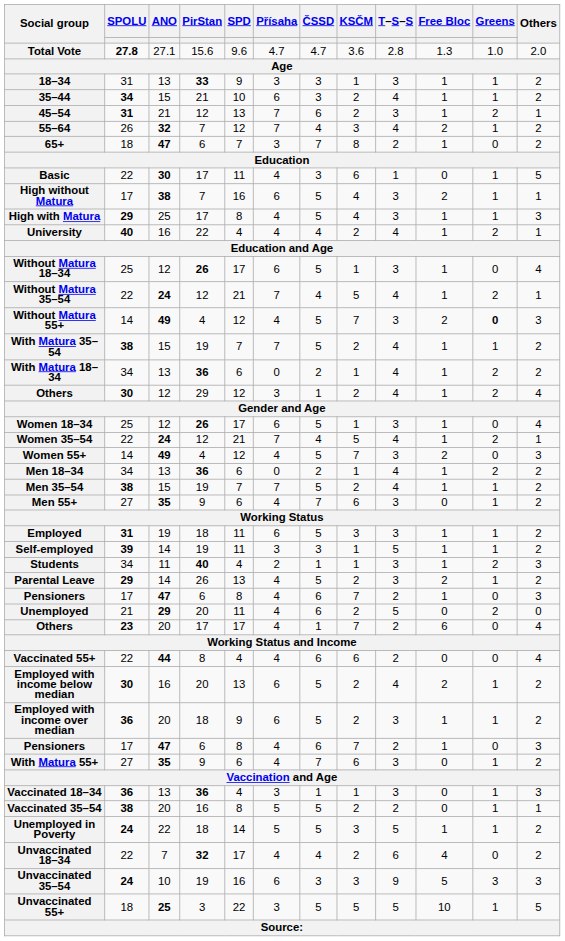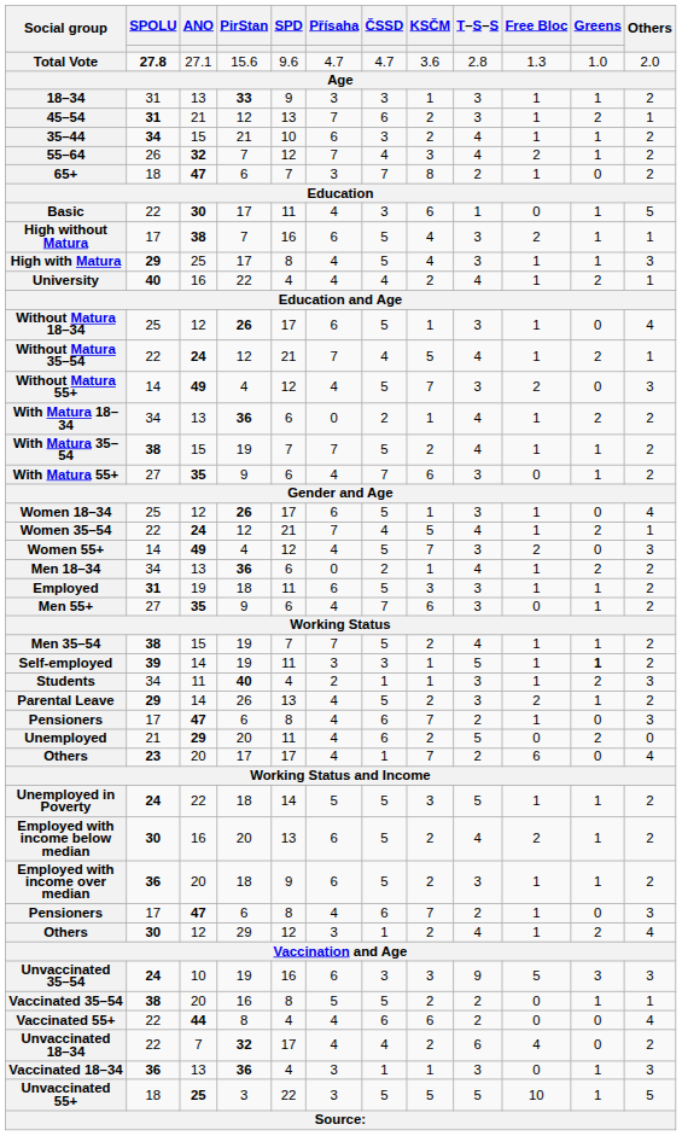 <table class="wikitable sortable" style="text-align:center; font-size:90%; line-height:13px;">
 <tr style="height:42px;">
 <th style="width:120px;" rowspan="2">Social group</th>
 <th><a href='#'><span>SPOLU</span></a></th>
 <th><a href='#'><span>ANO</span></a></th>
 <th><a href='#'><span>PirStan</span></a></th>
 <th><a href='#'><span>SPD</span></a></th>
 <th><a href='#'><span>Přísaha</span></a></th>
 <th><a href='#'><span>ČSSD</span></a></th>
 <th><a href='#'><span>KSČM</span></a></th>
 <th><a href='#'>T</a>–<a href='#'>S</a>–<a href='#'>S</a></th>
 <th><a href='#'>Free Bloc</a></th>
 <th><a href='#'>Greens</a></th>
 <th style="width:20px;" rowspan="2">Others</th>
 </tr>
 <tr class="sorttop">
 <th class="unsortable" style="color:inherit;background:"></th>
 <th class="unsortable" style="color:inherit;background:"></th>
 <th class="unsortable" style="color:inherit;background:"></th>
 <th class="unsortable" style="color:inherit;background:"></th>
 <th class="unsortable" style="color:inherit;background:"></th>
 <th class="unsortable" style="color:inherit;background:"></th>
 <th class="unsortable" style="color:inherit;background:"></th>
 <th class="unsortable" style="color:inherit;background:"></th>
 <th class="unsortable" style="color:inherit;background:"></th>
 <th class="unsortable" style="color:inherit;background:"></th>
 </tr>
 <tr>
 <th>Total Vote</th>
 <td><strong>27.8</strong></td>
 <td>27.1</td>
 <td>15.6</td>
 <td>9.6</td>
 <td>4.7</td>
 <td>4.7</td>
 <td>3.6</td>
 <td>2.8</td>
 <td>1.3</td>
 <td>1.0</td>
 <td>2.0</td>
 </tr>
 <tr>
 <th colspan=12>Age</th>
 </tr>
 <tr>
 <th>18–34</th>
 <td>31</td>
 <td>13</td>
 <td><strong>33</strong></td>
 <td>9</td>
 <td>3</td>
 <td>3</td>
 <td>1</td>
 <td>3</td>
 <td>1</td>
 <td>1</td>
 <td>2</td>
 </tr>
 <tr>
+<th>45–54</th>
+<td><strong>31</strong></td>
+<td>21</td>
+<td>12</td>
+<td>13</td>
+<td>7</td>
+<td>6</td>
+<td>2</td>
+<td>3</td>
+<td>1</td>
+<td>2</td>
+<td>1</td>
+</tr>
+<tr>
 <th>35–44</th>
 <td><strong>34</strong></td>
 <td>15</td>
 <td>21</td>
 <td>10</td>
 <td>6</td>
 <td>3</td>
 <td>2</td>
 <td>4</td>
 <td>1</td>
 <td>1</td>
 <td>2</td>
-</tr>
-<tr>
-<th>45–54</th>
-<td><strong>31</strong></td>
-<td>21</td>
-<td>12</td>
-<td>13</td>
-<td>7</td>
-<td>6</td>
-<td>2</td>
-<td>3</td>
-<td>1</td>
-<td>2</td>
-<td>1</td>
 </tr>
 <tr>
 <th>55–64</th>
 <td>26</td>
 <td><strong>32</strong></td>
 <td>7</td>
 <td>12</td>
 <td>7</td>
 <td>4</td>
 <td>3</td>
 <td>4</td>
 <td>2</td>
 <td>1</td>
 <td>2</td>
 </tr>
 <tr>
 <th>65+</th>
 <td>18</td>
 <td><strong>47</strong></td>
 <td>6</td>
 <td>7</td>
 <td>3</td>
 <td>7</td>
 <td>8</td>
 <td>2</td>
 <td>1</td>
 <td>0</td>
 <td>2</td>
 </tr>
 <tr>
 <th colspan=12>Education</th>
 </tr>
 <tr>
 <th>Basic</th>
 <td>22</td>
 <td><strong>30</strong></td>
 <td>17</td>
 <td>11</td>
 <td>4</td>
 <td>3</td>
 <td>6</td>
 <td>1</td>
 <td>0</td>
 <td>1</td>
 <td>5</td>
 </tr>
 <tr>
 <th>High without <a href='#'>Matura</a></th>
 <td>17</td>
 <td><strong>38</strong></td>
 <td>7</td>
 <td>16</td>
 <td>6</td>
 <td>5</td>
 <td>4</td>
 <td>3</td>
 <td>2</td>
 <td>1</td>
 <td>1</td>
 </tr>
 <tr>
 <th>High with <a href='#'>Matura</a></th>
 <td><strong>29</strong></td>
 <td>25</td>
 <td>17</td>
 <td>8</td>
 <td>4</td>
 <td>5</td>
 <td>4</td>
 <td>3</td>
 <td>1</td>
 <td>1</td>
 <td>3</td>
 </tr>
 <tr>
 <th>University</th>
 <td><strong>40</strong></td>
 <td>16</td>
 <td>22</td>
 <td>4</td>
 <td>4</td>
 <td>4</td>
 <td>2</td>
 <td>4</td>
 <td>1</td>
 <td>2</td>
 <td>1</td>
 </tr>
 <tr>
 <th colspan=12>Education and Age</th>
 </tr>
 <tr>
 <th>Without <a href='#'>Matura</a> 18–34</th>
 <td>25</td>
 <td>12</td>
 <td><strong>26</strong></td>
 <td>17</td>
 <td>6</td>
 <td>5</td>
 <td>1</td>
 <td>3</td>
 <td>1</td>
 <td>0</td>
 <td>4</td>
 </tr>
 <tr>
 <th>Without <a href='#'>Matura</a> 35–54</th>
 <td>22</td>
 <td><strong>24</strong></td>
 <td>12</td>
 <td>21</td>
 <td>7</td>
 <td>4</td>
 <td>5</td>
 <td>4</td>
 <td>1</td>
 <td>2</td>
 <td>1</td>
 </tr>
 <tr>
 <th>Without <a href='#'>Matura</a> 55+</th>
 <td>14</td>
 <td><strong>49</strong></td>
 <td>4</td>
 <td>12</td>
 <td>4</td>
 <td>5</td>
 <td>7</td>
 <td>3</td>
 <td>2</td>
-<td><strong>0</strong></td>
+<td>0</td>
 <td>3</td>
+</tr>
+<tr>
+<th>With <a href='#'>Matura</a> 18–34</th>
+<td>34</td>
+<td>13</td>
+<td><strong>36</strong></td>
+<td>6</td>
+<td>0</td>
+<td>2</td>
+<td>1</td>
+<td>4</td>
+<td>1</td>
+<td>2</td>
+<td>2</td>
 </tr>
 <tr>
 <th>With <a href='#'>Matura</a> 35–54</th>
 <td><strong>38</strong></td>
 <td>15</td>
 <td>19</td>
 <td>7</td>
 <td>7</td>
 <td>5</td>
 <td>2</td>
 <td>4</td>
 <td>1</td>
 <td>1</td>
 <td>2</td>
 </tr>
 <tr>
-<th>With <a href='#'>Matura</a> 18–34</th>
-<td>34</td>
-<td>13</td>
-<td><strong>36</strong></td>
+<th>With <a href='#'>Matura</a> 55+</th>
+<td>27</td>
+<td><strong>35</strong></td>
+<td>9</td>
 <td>6</td>
+<td>4</td>
+<td>7</td>
+<td>6</td>
+<td>3</td>
 <td>0</td>
-<td>2</td>
-<td>1</td>
-<td>4</td>
 <td>1</td>
 <td>2</td>
-<td>2</td>
-</tr>
-<tr>
-<th>Others</th>
-<td><strong>30</strong></td>
-<td>12</td>
-<td>29</td>
-<td>12</td>
-<td>3</td>
-<td>1</td>
-<td>2</td>
-<td>4</td>
-<td>1</td>
-<td>2</td>
-<td>4</td>
 </tr>
 <tr>
 <th colspan=12>Gender and Age</th>
 </tr>
 <tr>
 <th>Women 18–34</th>
 <td>25</td>
 <td>12</td>
 <td><strong>26</strong></td>
 <td>17</td>
 <td>6</td>
 <td>5</td>
 <td>1</td>
 <td>3</td>
 <td>1</td>
 <td>0</td>
 <td>4</td>
 </tr>
 <tr>
 <th>Women 35–54</th>
 <td>22</td>
 <td><strong>24</strong></td>
 <td>12</td>
 <td>21</td>
 <td>7</td>
 <td>4</td>
 <td>5</td>
 <td>4</td>
 <td>1</td>
 <td>2</td>
 <td>1</td>
 </tr>
 <tr>
 <th>Women 55+</th>
 <td>14</td>
 <td><strong>49</strong></td>
 <td>4</td>
 <td>12</td>
 <td>4</td>
 <td>5</td>
 <td>7</td>
 <td>3</td>
 <td>2</td>
 <td>0</td>
 <td>3</td>
 </tr>
 <tr>
 <th>Men 18–34</th>
 <td>34</td>
 <td>13</td>
 <td><strong>36</strong></td>
 <td>6</td>
 <td>0</td>
 <td>2</td>
 <td>1</td>
 <td>4</td>
 <td>1</td>
 <td>2</td>
 <td>2</td>
 </tr>
 <tr>
-<th>Men 35–54</th>
-<td><strong>38</strong></td>
-<td>15</td>
+<th>Employed</th>
+<td><strong>31</strong></td>
 <td>19</td>
-<td>7</td>
-<td>7</td>
+<td>18</td>
+<td>11</td>
+<td>6</td>
 <td>5</td>
-<td>2</td>
-<td>4</td>
+<td>3</td>
+<td>3</td>
 <td>1</td>
 <td>1</td>
 <td>2</td>
 </tr>
 <tr>
 <th>Men 55+</th>
 <td>27</td>
 <td><strong>35</strong></td>
 <td>9</td>
 <td>6</td>
 <td>4</td>
 <td>7</td>
 <td>6</td>
 <td>3</td>
 <td>0</td>
 <td>1</td>
 <td>2</td>
 </tr>
 <tr>
 <th colspan=12>Working Status</th>
 </tr>
 <tr>
-<th>Employed</th>
-<td><strong>31</strong></td>
+<th>Men 35–54</th>
+<td><strong>38</strong></td>
+<td>15</td>
 <td>19</td>
-<td>18</td>
-<td>11</td>
-<td>6</td>
+<td>7</td>
+<td>7</td>
 <td>5</td>
-<td>3</td>
-<td>3</td>
+<td>2</td>
+<td>4</td>
 <td>1</td>
 <td>1</td>
 <td>2</td>
 </tr>
 <tr>
 <th>Self-employed</th>
 <td><strong>39</strong></td>
 <td>14</td>
 <td>19</td>
 <td>11</td>
 <td>3</td>
 <td>3</td>
 <td>1</td>
 <td>5</td>
 <td>1</td>
-<td>1</td>
+<td><strong>1</strong></td>
 <td>2</td>
 </tr>
 <tr>
 <th>Students</th>
 <td>34</td>
 <td>11</td>
 <td><strong>40</strong></td>
 <td>4</td>
 <td>2</td>
 <td>1</td>
 <td>1</td>
 <td>3</td>
 <td>1</td>
 <td>2</td>
 <td>3</td>
 </tr>
 <tr>
 <th>Parental Leave</th>
 <td><strong>29</strong></td>
 <td>14</td>
 <td>26</td>
 <td>13</td>
 <td>4</td>
 <td>5</td>
 <td>2</td>
 <td>3</td>
 <td>2</td>
 <td>1</td>
 <td>2</td>
 </tr>
 <tr>
 <th>Pensioners</th>
 <td>17</td>
 <td><strong>47</strong></td>
 <td>6</td>
 <td>8</td>
 <td>4</td>
 <td>6</td>
 <td>7</td>
 <td>2</td>
 <td>1</td>
 <td>0</td>
 <td>3</td>
 </tr>
 <tr>
 <th>Unemployed</th>
 <td>21</td>
 <td><strong>29</strong></td>
 <td>20</td>
 <td>11</td>
 <td>4</td>
 <td>6</td>
 <td>2</td>
 <td>5</td>
 <td>0</td>
 <td>2</td>
 <td>0</td>
 </tr>
 <tr>
 <th>Others</th>
 <td><strong>23</strong></td>
 <td>20</td>
 <td>17</td>
 <td>17</td>
 <td>4</td>
 <td>1</td>
 <td>7</td>
 <td>2</td>
 <td>6</td>
 <td>0</td>
 <td>4</td>
 </tr>
 <tr>
 <th colspan=12>Working Status and Income</th>
 </tr>
 <tr>
-<th>Vaccinated 55+</th>
+<th>Unemployed in Poverty</th>
+<td><strong>24</strong></td>
 <td>22</td>
-<td><strong>44</strong></td>
-<td>8</td>
-<td>4</td>
-<td>4</td>
-<td>6</td>
-<td>6</td>
+<td>18</td>
+<td>14</td>
+<td>5</td>
+<td>5</td>
+<td>3</td>
+<td>5</td>
+<td>1</td>
+<td>1</td>
 <td>2</td>
-<td>0</td>
-<td>0</td>
-<td>4</td>
 </tr>
 <tr>
 <th>Employed with income below median</th>
 <td><strong>30</strong></td>
 <td>16</td>
 <td>20</td>
 <td>13</td>
 <td>6</td>
 <td>5</td>
 <td>2</td>
 <td>4</td>
 <td>2</td>
 <td>1</td>
 <td>2</td>
 </tr>
 <tr>
 <th>Employed with income over median</th>
 <td><strong>36</strong></td>
 <td>20</td>
 <td>18</td>
 <td>9</td>
 <td>6</td>
 <td>5</td>
 <td>2</td>
 <td>3</td>
 <td>1</td>
 <td>1</td>
 <td>2</td>
 </tr>
 <tr>
 <th>Pensioners</th>
 <td>17</td>
 <td><strong>47</strong></td>
 <td>6</td>
 <td>8</td>
 <td>4</td>
 <td>6</td>
 <td>7</td>
 <td>2</td>
 <td>1</td>
 <td>0</td>
 <td>3</td>
 </tr>
 <tr>
-<th>With <a href='#'>Matura</a> 55+</th>
-<td>27</td>
-<td><strong>35</strong></td>
-<td>9</td>
-<td>6</td>
-<td>4</td>
-<td>7</td>
-<td>6</td>
+<th>Others</th>
+<td><strong>30</strong></td>
+<td>12</td>
+<td>29</td>
+<td>12</td>
 <td>3</td>
-<td>0</td>
 <td>1</td>
 <td>2</td>
+<td>4</td>
+<td>1</td>
+<td>2</td>
+<td>4</td>
 </tr>
 <tr>
 <th colspan=12><a href='#'>Vaccination</a> and Age</th>
 </tr>
 <tr>
-<th>Vaccinated 18–34</th>
-<td><strong>36</strong></td>
-<td>13</td>
-<td><strong>36</strong></td>
-<td>4</td>
+<th>Unvaccinated 35–54</th>
+<td><strong>24</strong></td>
+<td>10</td>
+<td>19</td>
+<td>16</td>
+<td>6</td>
 <td>3</td>
-<td>1</td>
-<td>1</td>
 <td>3</td>
-<td>0</td>
-<td>1</td>
+<td>9</td>
+<td>5</td>
+<td>3</td>
 <td>3</td>
 </tr>
 <tr>
 <th>Vaccinated 35–54</th>
 <td><strong>38</strong></td>
 <td>20</td>
 <td>16</td>
 <td>8</td>
 <td>5</td>
 <td>5</td>
 <td>2</td>
 <td>2</td>
 <td>0</td>
 <td>1</td>
 <td>1</td>
 </tr>
 <tr>
-<th>Unemployed in Poverty</th>
-<td><strong>24</strong></td>
+<th>Vaccinated 55+</th>
 <td>22</td>
-<td>18</td>
-<td>14</td>
-<td>5</td>
-<td>5</td>
-<td>3</td>
-<td>5</td>
-<td>1</td>
-<td>1</td>
+<td><strong>44</strong></td>
+<td>8</td>
+<td>4</td>
+<td>4</td>
+<td>6</td>
+<td>6</td>
 <td>2</td>
+<td>0</td>
+<td>0</td>
+<td>4</td>
 </tr>
 <tr>
 <th>Unvaccinated 18–34</th>
 <td>22</td>
 <td>7</td>
 <td><strong>32</strong></td>
 <td>17</td>
 <td>4</td>
 <td>4</td>
 <td>2</td>
 <td>6</td>
 <td>4</td>
 <td>0</td>
 <td>2</td>
 </tr>
 <tr>
-<th>Unvaccinated 35–54</th>
-<td><strong>24</strong></td>
-<td>10</td>
-<td>19</td>
-<td>16</td>
-<td>6</td>
+<th>Vaccinated 18–34</th>
+<td><strong>36</strong></td>
+<td>13</td>
+<td><strong>36</strong></td>
+<td>4</td>
 <td>3</td>
+<td>1</td>
+<td>1</td>
 <td>3</td>
-<td>9</td>
-<td>5</td>
-<td>3</td>
+<td>0</td>
+<td>1</td>
 <td>3</td>
 </tr>
 <tr>
 <th>Unvaccinated 55+</th>
 <td>18</td>
 <td><strong>25</strong></td>
 <td>3</td>
 <td>22</td>
 <td>3</td>
 <td>5</td>
 <td>5</td>
 <td>5</td>
 <td>10</td>
 <td>1</td>
 <td>5</td>
 </tr>
 <tr>
 <th colspan=12>Source:</th>
 </tr>
 </table>
